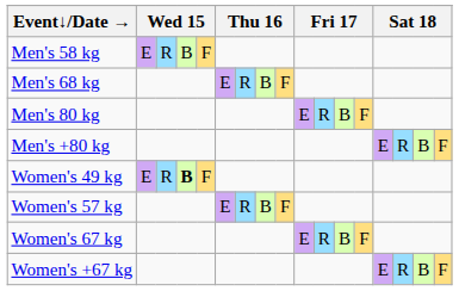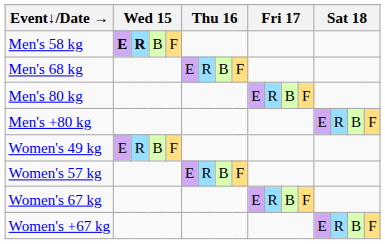 <table class="wikitable" style="margin:0.5em auto; font-size:90%; line-height:1.25em;">
 <tr>
 </tr>
 <tr style="text-align:center;">
 <th>Event↓/Date →</th>
 <th colspan="4">Wed 15</th>
 <th colspan="4">Thu 16</th>
 <th colspan="4">Fri 17</th>
 <th colspan="4">Sat 18</th>
 </tr>
 <tr style="text-align:center;">
 <td style="text-align:left;"><a href='#'>Men's 58 kg</a></td>
-<td style="background-color:#D0A9F5;">E</td>
-<td style="background-color:#97DEFF;">R</td>
+<td style="background-color:#D0A9F5;"><strong>E</strong></td>
+<td style="background-color:#97DEFF;"><strong>R</strong></td>
 <td style="background-color:#D9FFB2;">B</td>
 <td style="background-color:#FFDF80;">F</td>
 <td colspan="4"></td>
 <td colspan="4"></td>
 <td colspan="4"></td>
 </tr>
 <tr style="text-align:center;">
 <td style="text-align:left;"><a href='#'>Men's 68 kg</a></td>
 <td colspan="4"></td>
 <td style="background-color:#D0A9F5;">E</td>
 <td style="background-color:#97DEFF;">R</td>
 <td style="background-color:#D9FFB2;">B</td>
 <td style="background-color:#FFDF80;">F</td>
 <td colspan="4"></td>
 <td colspan="4"></td>
 </tr>
 <tr style="text-align:center;">
 <td style="text-align:left;"><a href='#'>Men's 80 kg</a></td>
 <td colspan="4"></td>
 <td colspan="4"></td>
 <td style="background-color:#D0A9F5;">E</td>
 <td style="background-color:#97DEFF;">R</td>
 <td style="background-color:#D9FFB2;">B</td>
 <td style="background-color:#FFDF80;">F</td>
 <td colspan="4"></td>
 </tr>
 <tr style="text-align:center;">
 <td style="text-align:left;"><a href='#'>Men's +80 kg</a></td>
 <td colspan="4"></td>
 <td colspan="4"></td>
 <td colspan="4"></td>
 <td style="background-color:#D0A9F5;">E</td>
 <td style="background-color:#97DEFF;">R</td>
 <td style="background-color:#D9FFB2;">B</td>
 <td style="background-color:#FFDF80;">F</td>
 </tr>
 <tr style="text-align:center;">
 <td style="text-align:left;"><a href='#'>Women's 49 kg</a></td>
 <td style="background-color:#D0A9F5;">E</td>
 <td style="background-color:#97DEFF;">R</td>
-<td style="background-color:#D9FFB2;"><strong>B</strong></td>
+<td style="background-color:#D9FFB2;">B</td>
 <td style="background-color:#FFDF80;">F</td>
 <td colspan="4"></td>
 <td colspan="4"></td>
 <td colspan="4"></td>
 </tr>
 <tr style="text-align:center;">
 <td style="text-align:left;"><a href='#'>Women's 57 kg</a></td>
 <td colspan="4"></td>
 <td style="background-color:#D0A9F5;">E</td>
 <td style="background-color:#97DEFF;">R</td>
 <td style="background-color:#D9FFB2;">B</td>
 <td style="background-color:#FFDF80;">F</td>
 <td colspan="4"></td>
 <td colspan="4"></td>
 </tr>
 <tr style="text-align:center;">
 <td style="text-align:left;"><a href='#'>Women's 67 kg</a></td>
 <td colspan="4"></td>
 <td colspan="4"></td>
 <td style="background-color:#D0A9F5;">E</td>
 <td style="background-color:#97DEFF;">R</td>
 <td style="background-color:#D9FFB2;">B</td>
 <td style="background-color:#FFDF80;">F</td>
 <td colspan="4"></td>
 </tr>
 <tr style="text-align:center;">
 <td style="text-align:left;"><a href='#'>Women's +67 kg</a></td>
 <td colspan="4"></td>
 <td colspan="4"></td>
 <td colspan="4"></td>
 <td style="background-color:#D0A9F5;">E</td>
 <td style="background-color:#97DEFF;">R</td>
 <td style="background-color:#D9FFB2;">B</td>
 <td style="background-color:#FFDF80;">F</td>
 </tr>
 </table>
